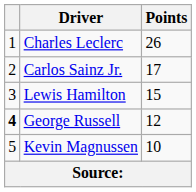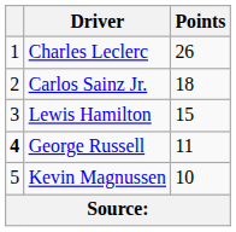 <table class="wikitable" style="font-size: 85%;">
 <tr>
 <th scope="col"></th>
 <th scope="col">Driver</th>
 <th scope="col">Points</th>
 </tr>
 <tr>
 <td align="center">1</td>
 <td> <a href='#'>Charles Leclerc</a></td>
 <td align="left">26</td>
 </tr>
 <tr>
 <td align="center">2</td>
 <td> <a href='#'>Carlos Sainz Jr.</a></td>
-<td align="left">17</td>
+<td align="left">18</td>
 </tr>
 <tr>
 <td align="center">3</td>
 <td> <a href='#'>Lewis Hamilton</a></td>
 <td align="left">15</td>
 </tr>
 <tr>
 <td align="center"><strong>4</strong></td>
 <td> <a href='#'>George Russell</a></td>
-<td align="left">12</td>
+<td align="left">11</td>
 </tr>
 <tr>
 <td align="center">5</td>
 <td> <a href='#'>Kevin Magnussen</a></td>
 <td align="left">10</td>
 </tr>
 <tr>
 <th colspan=4>Source:</th>
 </tr>
 </table>
